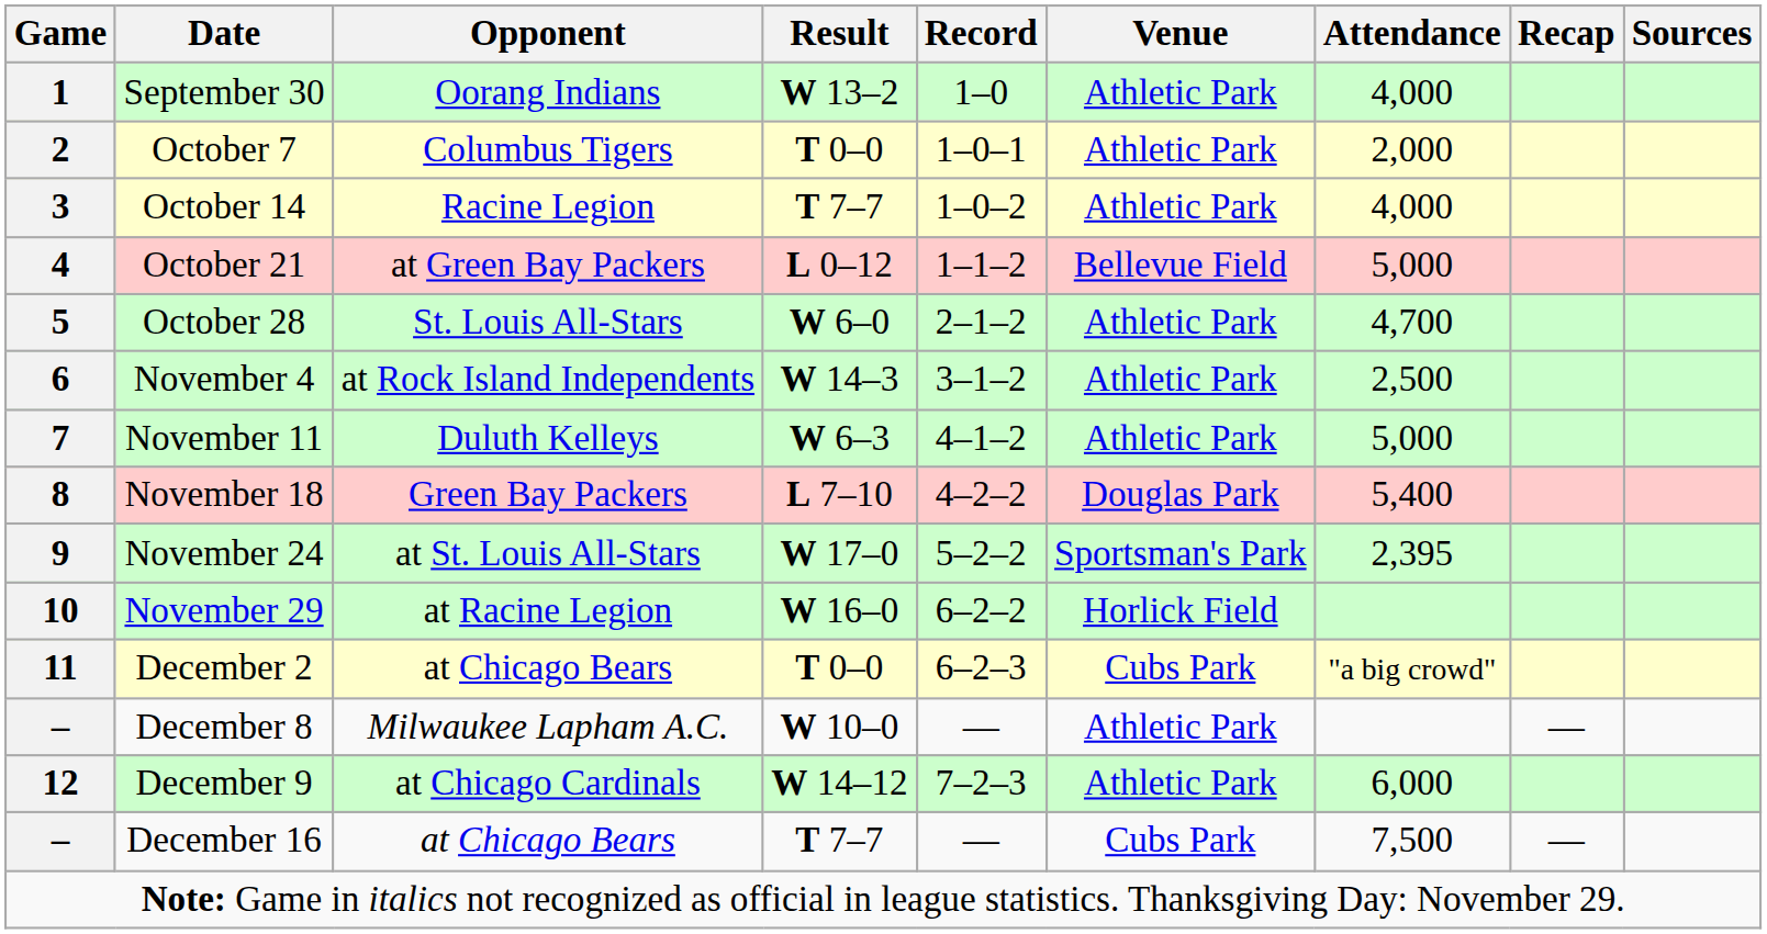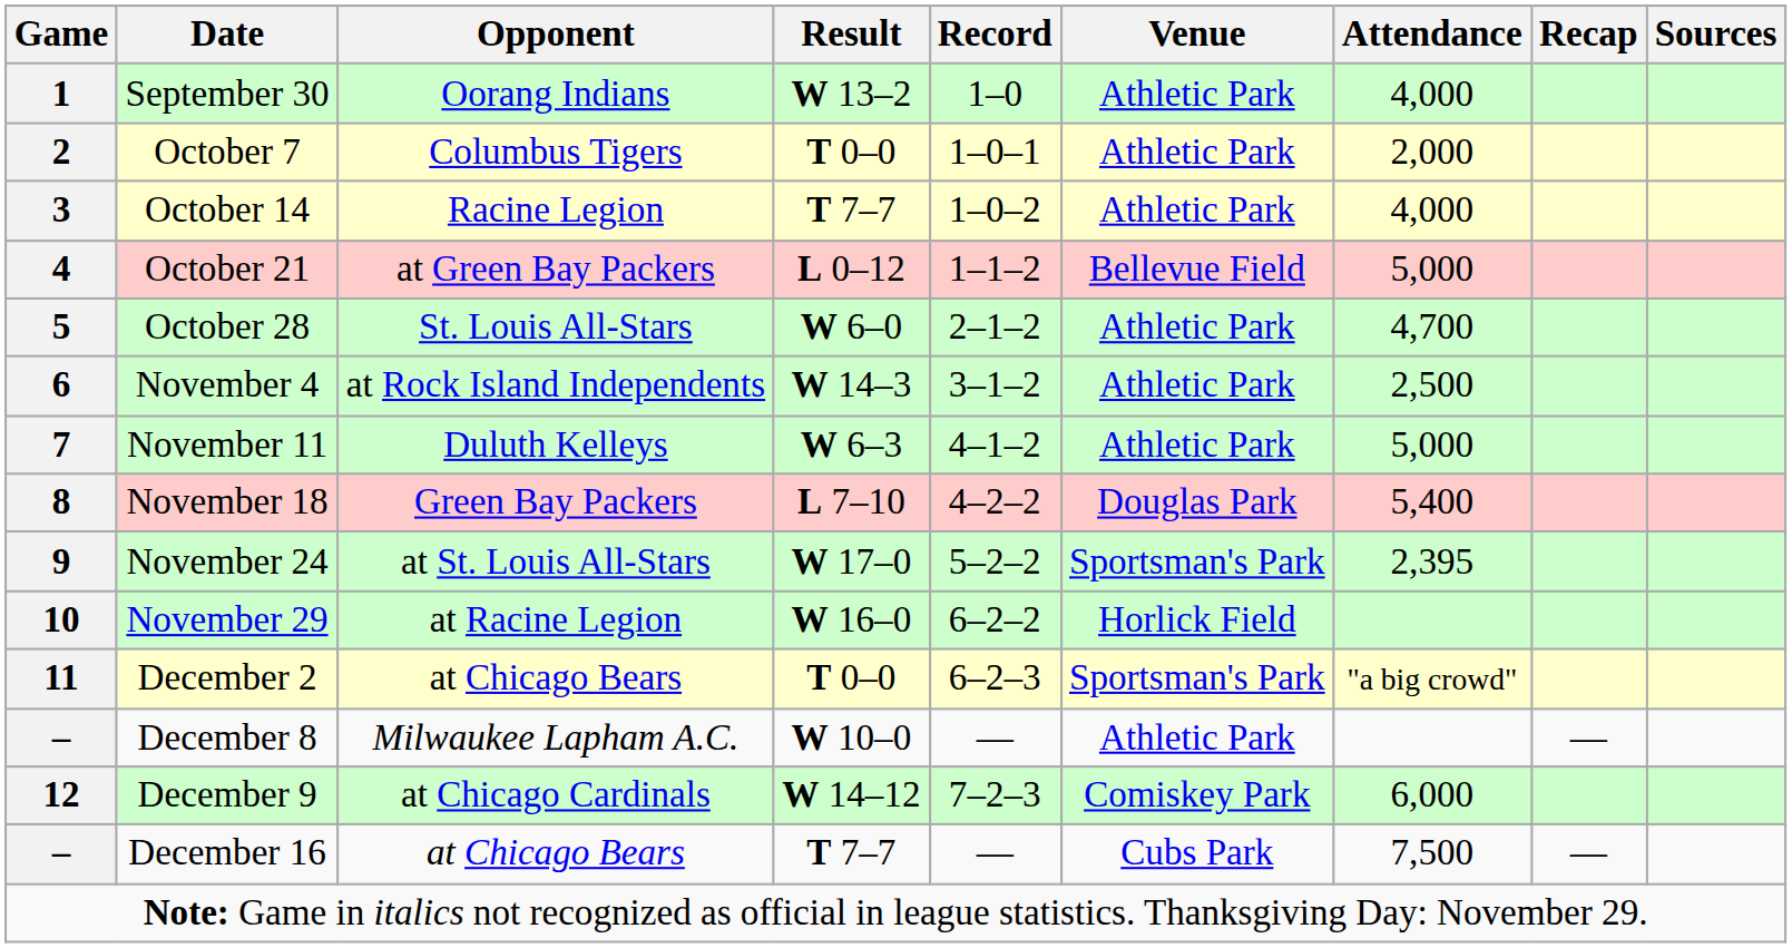 <table class="wikitable" style="text-align:center">
 <tr>
 <th>Game</th>
 <th>Date</th>
 <th>Opponent</th>
 <th>Result</th>
 <th>Record</th>
 <th>Venue</th>
 <th>Attendance</th>
 <th>Recap</th>
 <th>Sources</th>
 </tr>
 <tr style="background:#cfc">
 <th>1</th>
 <td>September 30</td>
 <td><a href='#'>Oorang Indians</a></td>
 <td><strong>W</strong> 13–2</td>
 <td>1–0</td>
 <td><a href='#'>Athletic Park</a></td>
 <td>4,000</td>
 <td></td>
 <td></td>
 </tr>
 <tr style="background:#ffc">
 <th>2</th>
 <td>October 7</td>
 <td><a href='#'>Columbus Tigers</a></td>
 <td><strong>T</strong> 0–0</td>
 <td>1–0–1</td>
 <td><a href='#'>Athletic Park</a></td>
 <td>2,000</td>
 <td></td>
 <td></td>
 </tr>
 <tr style="background:#ffc">
 <th>3</th>
 <td>October 14</td>
 <td><a href='#'>Racine Legion</a></td>
 <td><strong>T</strong> 7–7</td>
 <td>1–0–2</td>
 <td><a href='#'>Athletic Park</a></td>
 <td>4,000</td>
 <td></td>
 <td></td>
 </tr>
 <tr style="background:#fcc">
 <th>4</th>
 <td>October 21</td>
 <td>at <a href='#'>Green Bay Packers</a></td>
 <td><strong>L</strong> 0–12</td>
 <td>1–1–2</td>
 <td><a href='#'>Bellevue Field</a></td>
 <td>5,000</td>
 <td></td>
 <td></td>
 </tr>
 <tr style="background:#cfc">
 <th>5</th>
 <td>October 28</td>
 <td><a href='#'>St. Louis All-Stars</a></td>
 <td><strong>W</strong> 6–0</td>
 <td>2–1–2</td>
 <td><a href='#'>Athletic Park</a></td>
 <td>4,700 </td>
 <td></td>
 <td></td>
 </tr>
 <tr style="background:#cfc">
 <th>6</th>
 <td>November 4</td>
 <td>at <a href='#'>Rock Island Independents</a></td>
 <td><strong>W</strong> 14–3</td>
 <td>3–1–2</td>
 <td><a href='#'>Athletic Park</a></td>
 <td>2,500</td>
 <td></td>
 <td></td>
 </tr>
 <tr style="background:#cfc">
 <th>7</th>
 <td>November 11</td>
 <td><a href='#'>Duluth Kelleys</a></td>
 <td><strong>W</strong> 6–3</td>
 <td>4–1–2</td>
 <td><a href='#'>Athletic Park</a></td>
 <td>5,000</td>
 <td></td>
 <td></td>
 </tr>
 <tr style="background:#fcc">
 <th>8</th>
 <td>November 18</td>
 <td><a href='#'>Green Bay Packers</a></td>
 <td><strong>L</strong> 7–10</td>
 <td>4–2–2</td>
 <td><a href='#'>Douglas Park</a></td>
 <td>5,400</td>
 <td></td>
 <td></td>
 </tr>
 <tr style="background:#cfc">
 <th>9</th>
 <td>November 24</td>
 <td>at <a href='#'>St. Louis All-Stars</a></td>
 <td><strong>W</strong> 17–0</td>
 <td>5–2–2</td>
 <td><a href='#'>Sportsman's Park</a></td>
 <td>2,395</td>
 <td></td>
 <td></td>
 </tr>
 <tr style="background:#cfc">
 <th>10</th>
 <td><a href='#'>November 29</a></td>
 <td>at <a href='#'>Racine Legion</a></td>
 <td><strong>W</strong> 16–0</td>
 <td>6–2–2</td>
 <td><a href='#'>Horlick Field</a></td>
 <td></td>
 <td></td>
 <td></td>
 </tr>
 <tr style="background:#ffc">
 <th>11</th>
 <td>December 2</td>
 <td>at <a href='#'>Chicago Bears</a></td>
 <td><strong>T</strong> 0–0</td>
 <td>6–2–3</td>
-<td><a href='#'>Cubs Park</a></td>
+<td><a href='#'>Sportsman's Park</a></td>
 <td><small>"a big crowd"</small></td>
 <td></td>
 <td></td>
 </tr>
 <tr>
 <th>–</th>
 <td>December 8</td>
 <td><em>Milwaukee Lapham A.C.</em></td>
 <td><strong>W</strong> 10–0</td>
 <td>—</td>
 <td><a href='#'>Athletic Park</a></td>
 <td></td>
 <td>—</td>
 <td></td>
 </tr>
 <tr style="background:#cfc">
 <th>12</th>
 <td>December 9</td>
 <td>at <a href='#'>Chicago Cardinals</a></td>
 <td><strong>W</strong> 14–12</td>
 <td>7–2–3</td>
-<td><a href='#'>Athletic Park</a></td>
+<td><a href='#'>Comiskey Park</a></td>
 <td>6,000</td>
 <td></td>
 <td></td>
 </tr>
 <tr>
 <th>–</th>
 <td>December 16</td>
 <td><em>at <a href='#'>Chicago Bears</a></em></td>
 <td><strong>T</strong> 7–7</td>
 <td>—</td>
 <td><a href='#'>Cubs Park</a></td>
 <td>7,500</td>
 <td>—</td>
 <td></td>
 </tr>
 <tr>
 <td colspan="10"><strong>Note:</strong> Game in <em>italics</em> not recognized as official in league statistics. Thanksgiving Day: November 29.</td>
 </tr>
 </table>
